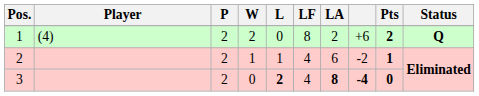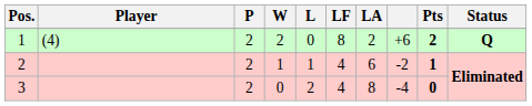 <table class="wikitable" style="text-align:center; margin: 1em auto 1em auto, align:left">
 <tr>
 <th width=25>Pos.</th>
 <th width=200>Player</th>
 <th width=25>P</th>
 <th width=25>W</th>
 <th width=25>L</th>
 <th width=25>LF</th>
 <th width=25>LA</th>
 <th width=25></th>
 <th width=25>Pts</th>
 <th width=75>Status</th>
 </tr>
 <tr>
 </tr>
 <tr style="background:#CCFFCC;">
 <td>1</td>
 <td align=left> (4)</td>
 <td>2</td>
 <td>2</td>
 <td>0</td>
 <td>8</td>
 <td>2</td>
 <td>+6</td>
 <td><strong>2</strong></td>
 <td><strong>Q</strong></td>
 </tr>
 <tr style="background:#FFCCCC;">
 <td>2</td>
 <td align=left></td>
 <td>2</td>
 <td>1</td>
 <td>1</td>
 <td>4</td>
 <td>6</td>
 <td>-2</td>
 <td><strong>1</strong></td>
 <td rowspan=2><strong>Eliminated</strong></td>
 </tr>
 <tr style="background:#FFCCCC;">
 <td>3</td>
 <td align=left></td>
 <td>2</td>
 <td>0</td>
-<td><strong>2</strong></td>
+<td>2</td>
 <td>4</td>
-<td><strong>8</strong></td>
-<td><strong>-4</strong></td>
+<td>8</td>
+<td>-4</td>
 <td><strong>0</strong></td>
 </tr>
 </table>
